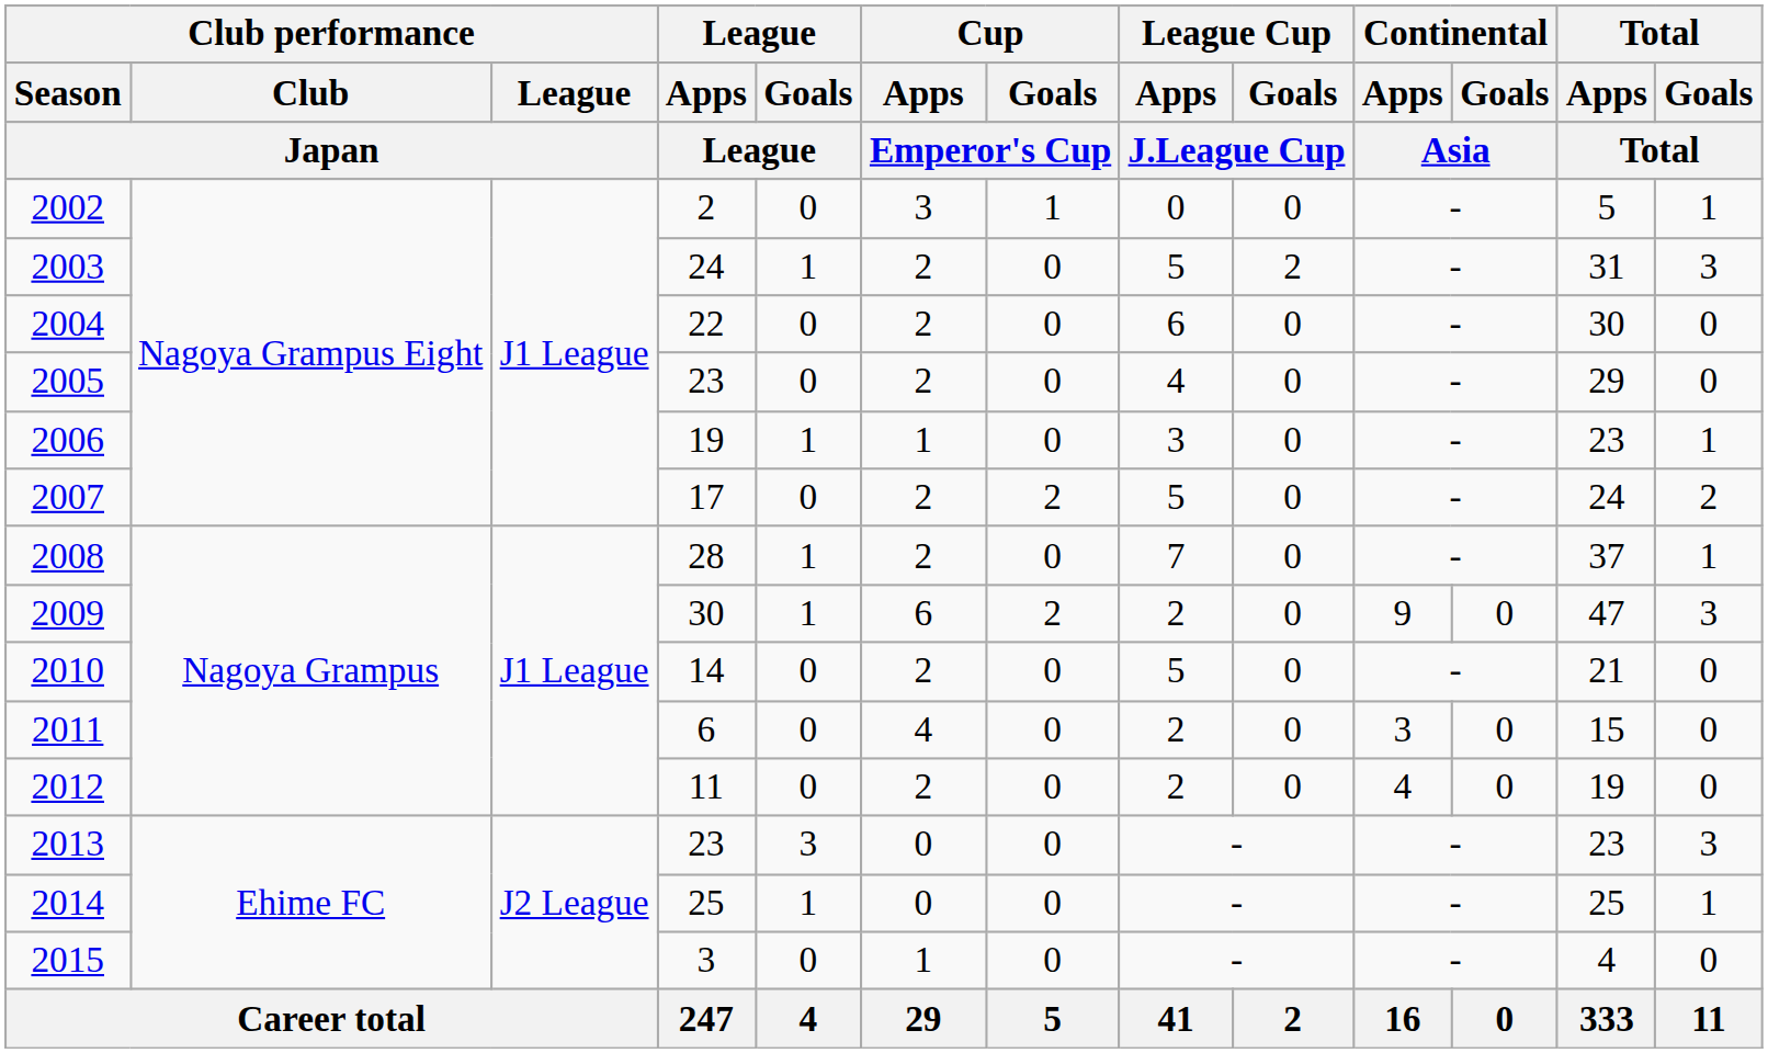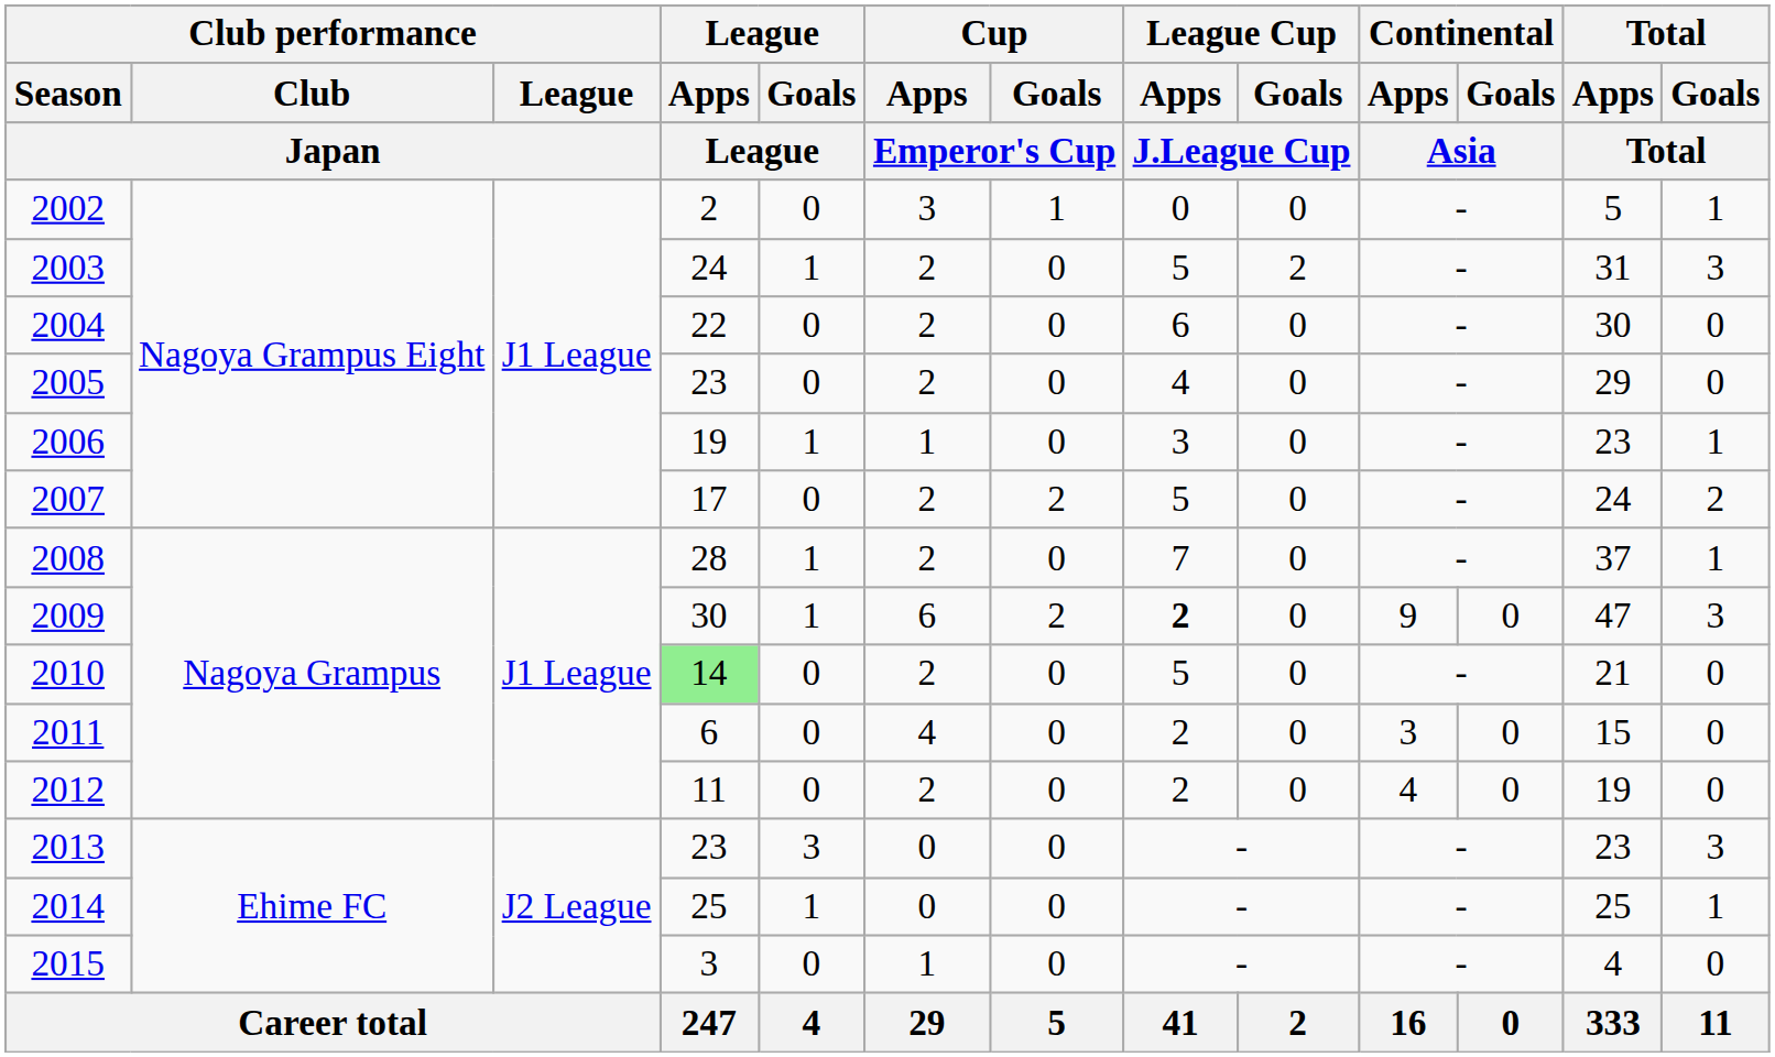 <table class="wikitable" style="text-align:center">
 <tr>
 <th colspan=3>Club performance</th>
 <th colspan=2>League</th>
 <th colspan=2>Cup</th>
 <th colspan=2>League Cup</th>
 <th colspan=2>Continental</th>
 <th colspan=2>Total</th>
 </tr>
 <tr>
 <th>Season</th>
 <th>Club</th>
 <th>League</th>
 <th>Apps</th>
 <th>Goals</th>
 <th>Apps</th>
 <th>Goals</th>
 <th>Apps</th>
 <th>Goals</th>
 <th>Apps</th>
 <th>Goals</th>
 <th>Apps</th>
 <th>Goals</th>
 </tr>
 <tr>
 <th colspan=3>Japan</th>
 <th colspan=2>League</th>
 <th colspan=2><a href='#'>Emperor's Cup</a></th>
 <th colspan=2><a href='#'>J.League Cup</a></th>
 <th colspan=2><a href='#'>Asia</a></th>
 <th colspan=2>Total</th>
 </tr>
 <tr>
 <td><a href='#'>2002</a></td>
 <td rowspan="6"><a href='#'>Nagoya Grampus Eight</a></td>
 <td rowspan="6"><a href='#'>J1 League</a></td>
 <td>2</td>
 <td>0</td>
 <td>3</td>
 <td>1</td>
 <td>0</td>
 <td>0</td>
 <td colspan="2">-</td>
 <td>5</td>
 <td>1</td>
 </tr>
 <tr>
 <td><a href='#'>2003</a></td>
 <td>24</td>
 <td>1</td>
 <td>2</td>
 <td>0</td>
 <td>5</td>
 <td>2</td>
 <td colspan="2">-</td>
 <td>31</td>
 <td>3</td>
 </tr>
 <tr>
 <td><a href='#'>2004</a></td>
 <td>22</td>
 <td>0</td>
 <td>2</td>
 <td>0</td>
 <td>6</td>
 <td>0</td>
 <td colspan="2">-</td>
 <td>30</td>
 <td>0</td>
 </tr>
 <tr>
 <td><a href='#'>2005</a></td>
 <td>23</td>
 <td>0</td>
 <td>2</td>
 <td>0</td>
 <td>4</td>
 <td>0</td>
 <td colspan="2">-</td>
 <td>29</td>
 <td>0</td>
 </tr>
 <tr>
 <td><a href='#'>2006</a></td>
 <td>19</td>
 <td>1</td>
 <td>1</td>
 <td>0</td>
 <td>3</td>
 <td>0</td>
 <td colspan="2">-</td>
 <td>23</td>
 <td>1</td>
 </tr>
 <tr>
 <td><a href='#'>2007</a></td>
 <td>17</td>
 <td>0</td>
 <td>2</td>
 <td>2</td>
 <td>5</td>
 <td>0</td>
 <td colspan="2">-</td>
 <td>24</td>
 <td>2</td>
 </tr>
 <tr>
 <td><a href='#'>2008</a></td>
 <td rowspan="5"><a href='#'>Nagoya Grampus</a></td>
 <td rowspan="5"><a href='#'>J1 League</a></td>
 <td>28</td>
 <td>1</td>
 <td>2</td>
 <td>0</td>
 <td>7</td>
 <td>0</td>
 <td colspan="2">-</td>
 <td>37</td>
 <td>1</td>
 </tr>
 <tr>
 <td><a href='#'>2009</a></td>
 <td>30</td>
 <td>1</td>
 <td>6</td>
 <td>2</td>
-<td>2</td>
+<td><strong>2</strong></td>
 <td>0</td>
 <td>9</td>
 <td>0</td>
 <td>47</td>
 <td>3</td>
 </tr>
 <tr>
 <td><a href='#'>2010</a></td>
-<td>14</td>
+<td style="background: lightgreen;">14</td>
 <td>0</td>
 <td>2</td>
 <td>0</td>
 <td>5</td>
 <td>0</td>
 <td colspan="2">-</td>
 <td>21</td>
 <td>0</td>
 </tr>
 <tr>
 <td><a href='#'>2011</a></td>
 <td>6</td>
 <td>0</td>
 <td>4</td>
 <td>0</td>
 <td>2</td>
 <td>0</td>
 <td>3</td>
 <td>0</td>
 <td>15</td>
 <td>0</td>
 </tr>
 <tr>
 <td><a href='#'>2012</a></td>
 <td>11</td>
 <td>0</td>
 <td>2</td>
 <td>0</td>
 <td>2</td>
 <td>0</td>
 <td>4</td>
 <td>0</td>
 <td>19</td>
 <td>0</td>
 </tr>
 <tr>
 <td><a href='#'>2013</a></td>
 <td rowspan="3"><a href='#'>Ehime FC</a></td>
 <td rowspan="3"><a href='#'>J2 League</a></td>
 <td>23</td>
 <td>3</td>
 <td>0</td>
 <td>0</td>
 <td colspan="2">-</td>
 <td colspan="2">-</td>
 <td>23</td>
 <td>3</td>
 </tr>
 <tr>
 <td><a href='#'>2014</a></td>
 <td>25</td>
 <td>1</td>
 <td>0</td>
 <td>0</td>
 <td colspan="2">-</td>
 <td colspan="2">-</td>
 <td>25</td>
 <td>1</td>
 </tr>
 <tr>
 <td><a href='#'>2015</a></td>
 <td>3</td>
 <td>0</td>
 <td>1</td>
 <td>0</td>
 <td colspan="2">-</td>
 <td colspan="2">-</td>
 <td>4</td>
 <td>0</td>
 </tr>
 <tr>
 <th colspan=3>Career total</th>
 <th>247</th>
 <th>4</th>
 <th>29</th>
 <th>5</th>
 <th>41</th>
 <th>2</th>
 <th>16</th>
 <th>0</th>
 <th>333</th>
 <th>11</th>
 </tr>
 </table>
